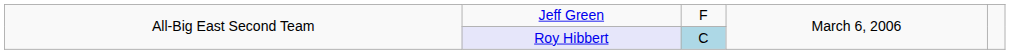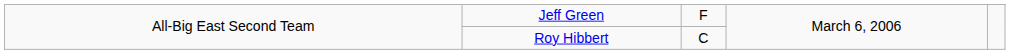 <table class="wikitable" style="width: 90%;text-align: center;">
 <tr align="center">
 <td rowspan="2">All-Big East Second Team</td>
 <td><a href='#'>Jeff Green</a></td>
 <td>F</td>
 <td rowspan="2">March 6, 2006</td>
 <td rowspan="2"></td>
 </tr>
 <tr align="center">
-<td style="background: lavender;"><a href='#'>Roy Hibbert</a></td>
-<td style="background: lightblue;">C</td>
+<td><a href='#'>Roy Hibbert</a></td>
+<td>C</td>
 </tr>
 </table>
